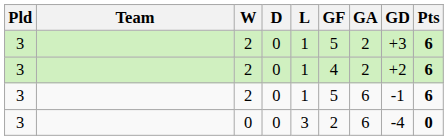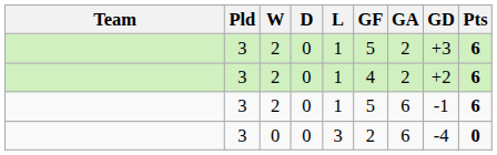 <table class="wikitable" style="text-align: center;">
 <tr>
+<th width=185>Team</th>
 <th width=20>Pld</th>
-<th width=185>Team</th>
 <th width=20>W</th>
 <th width=20>D</th>
 <th width=20>L</th>
 <th width=20>GF</th>
 <th width=20>GA</th>
 <th width=20>GD</th>
 <th width=20>Pts</th>
 </tr>
 <tr bgcolor="#D0F0C0">
+<td align="left"></td>
 <td>3</td>
-<td align="left"></td>
 <td>2</td>
 <td>0</td>
 <td>1</td>
 <td>5</td>
 <td>2</td>
 <td>+3</td>
 <td><strong>6</strong></td>
 </tr>
 <tr bgcolor="#D0F0C0">
+<td align="left"></td>
 <td>3</td>
-<td align="left"></td>
 <td>2</td>
 <td>0</td>
 <td>1</td>
 <td>4</td>
 <td>2</td>
 <td>+2</td>
 <td><strong>6</strong></td>
 </tr>
 <tr>
+<td align="left"></td>
 <td>3</td>
-<td align="left"></td>
 <td>2</td>
 <td>0</td>
 <td>1</td>
 <td>5</td>
 <td>6</td>
 <td>-1</td>
 <td><strong>6</strong></td>
 </tr>
 <tr>
+<td align="left"></td>
 <td>3</td>
-<td align="left"></td>
 <td>0</td>
 <td>0</td>
 <td>3</td>
 <td>2</td>
 <td>6</td>
 <td>-4</td>
 <td><strong>0</strong></td>
 </tr>
 </table>
